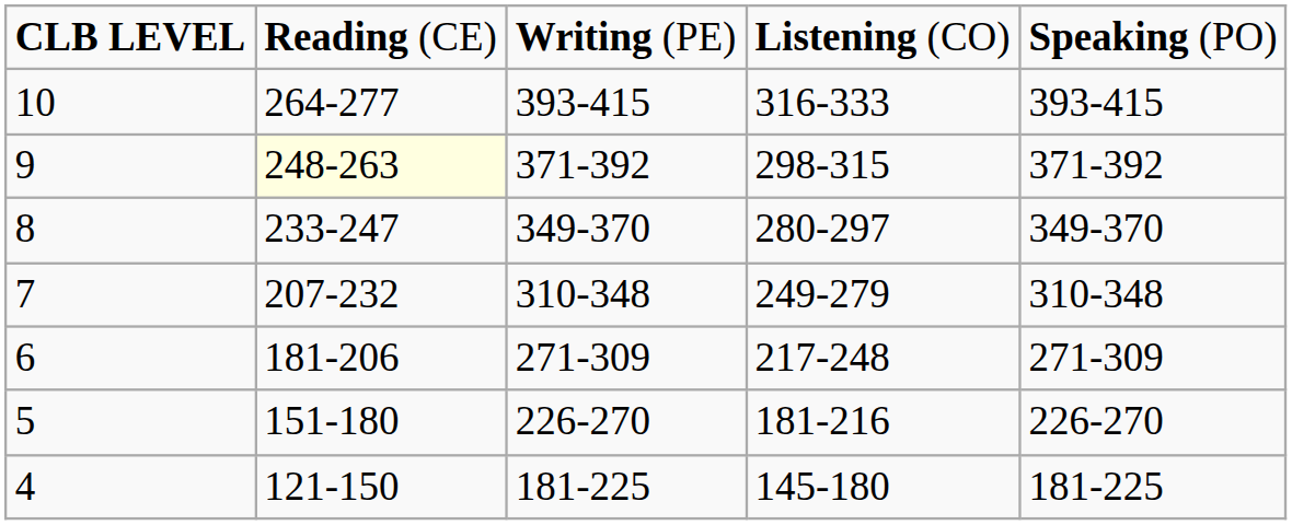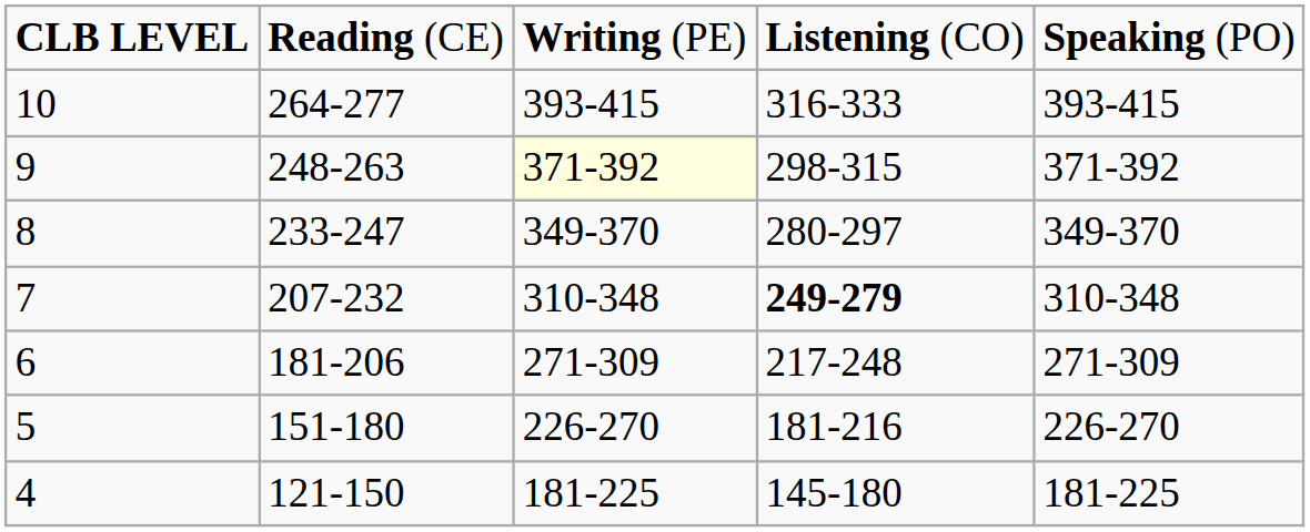 <table class="wikitable">
 <tr>
 <td><strong>CLB LEVEL</strong></td>
 <td><strong>Reading</strong> (CE)</td>
 <td><strong>Writing</strong> (PE)</td>
 <td><strong>Listening</strong> (CO)</td>
 <td><strong>Speaking</strong> (PO)</td>
 </tr>
 <tr>
 <td>10</td>
 <td>264-277</td>
 <td>393-415</td>
 <td>316-333</td>
 <td>393-415</td>
 </tr>
 <tr>
 <td>9</td>
-<td style="background: lightyellow;">248-263</td>
-<td>371-392</td>
+<td>248-263</td>
+<td style="background: lightyellow;">371-392</td>
 <td>298-315</td>
 <td>371-392</td>
 </tr>
 <tr>
 <td>8</td>
 <td>233-247</td>
 <td>349-370</td>
 <td>280-297</td>
 <td>349-370</td>
 </tr>
 <tr>
 <td>7</td>
 <td>207-232</td>
 <td>310-348</td>
-<td>249-279</td>
+<td><strong>249-279</strong></td>
 <td>310-348</td>
 </tr>
 <tr>
 <td>6</td>
 <td>181-206</td>
 <td>271-309</td>
 <td>217-248</td>
 <td>271-309</td>
 </tr>
 <tr>
 <td>5</td>
 <td>151-180</td>
 <td>226-270</td>
 <td>181-216</td>
 <td>226-270</td>
 </tr>
 <tr>
 <td>4</td>
 <td>121-150</td>
 <td>181-225</td>
 <td>145-180</td>
 <td>181-225</td>
 </tr>
 </table>
